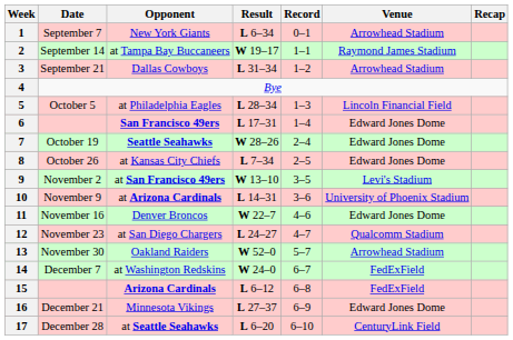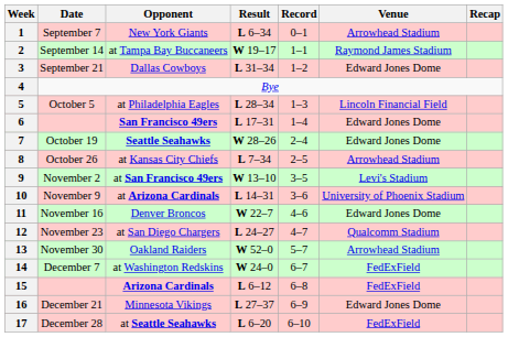 <table class="wikitable" style="text-align:center">
 <tr>
 <th>Week</th>
 <th>Date</th>
 <th>Opponent</th>
 <th>Result</th>
 <th>Record</th>
 <th>Venue</th>
 <th>Recap</th>
 </tr>
 <tr style="background:#fcc">
 <th>1</th>
 <td>September 7</td>
 <td><a href='#'>New York Giants</a></td>
 <td><strong>L</strong> 6–34</td>
 <td>0–1</td>
 <td><a href='#'>Arrowhead Stadium</a></td>
 <td></td>
 </tr>
 <tr style="background:#cfc">
 <th>2</th>
 <td>September 14</td>
 <td>at <a href='#'>Tampa Bay Buccaneers</a></td>
 <td><strong>W</strong> 19–17</td>
 <td>1–1</td>
 <td><a href='#'>Raymond James Stadium</a></td>
 <td></td>
 </tr>
 <tr style="background:#fcc">
 <th>3</th>
 <td>September 21</td>
 <td><a href='#'>Dallas Cowboys</a></td>
 <td><strong>L</strong> 31–34</td>
 <td>1–2</td>
-<td><a href='#'>Arrowhead Stadium</a></td>
+<td>Edward Jones Dome</td>
 <td></td>
 </tr>
 <tr>
 <th>4</th>
 <td colspan="6"><em><a href='#'>Bye</a></em></td>
 </tr>
 <tr style="background:#fcc; text-align:center;">
 <th>5</th>
 <td>October 5</td>
 <td>at <a href='#'>Philadelphia Eagles</a></td>
 <td><strong>L</strong> 28–34</td>
 <td>1–3</td>
 <td><a href='#'>Lincoln Financial Field</a></td>
 <td></td>
 </tr>
 <tr style="background:#fcc">
 <th>6</th>
 <td></td>
 <td><strong><a href='#'>San Francisco 49ers</a></strong></td>
 <td><strong>L</strong> 17–31</td>
 <td>1–4</td>
 <td>Edward Jones Dome</td>
 <td></td>
 </tr>
 <tr style="background:#cfc">
 <th>7</th>
 <td>October 19</td>
 <td><strong><a href='#'>Seattle Seahawks</a></strong></td>
 <td><strong>W</strong> 28–26</td>
 <td>2–4</td>
 <td>Edward Jones Dome</td>
 <td></td>
 </tr>
 <tr style="background:#fcc">
 <th>8</th>
 <td>October 26</td>
 <td>at <a href='#'>Kansas City Chiefs</a></td>
 <td><strong>L</strong> 7–34</td>
 <td>2–5</td>
-<td>Edward Jones Dome</td>
+<td><a href='#'>Arrowhead Stadium</a></td>
 <td></td>
 </tr>
 <tr style="background:#cfc">
 <th>9</th>
 <td>November 2</td>
 <td>at <strong><a href='#'>San Francisco 49ers</a></strong></td>
 <td><strong>W</strong> 13–10</td>
 <td>3–5</td>
 <td><a href='#'>Levi's Stadium</a></td>
 <td></td>
 </tr>
 <tr style="background:#fcc">
 <th>10</th>
 <td>November 9</td>
 <td>at <strong><a href='#'>Arizona Cardinals</a></strong></td>
 <td><strong>L</strong> 14–31</td>
 <td>3–6</td>
 <td><a href='#'>University of Phoenix Stadium</a></td>
 <td></td>
 </tr>
 <tr style="background:#cfc">
 <th>11</th>
 <td>November 16</td>
 <td><a href='#'>Denver Broncos</a></td>
 <td><strong>W</strong> 22–7</td>
 <td>4–6</td>
 <td>Edward Jones Dome</td>
 <td></td>
 </tr>
 <tr style="background:#fcc">
 <th>12</th>
 <td>November 23</td>
 <td>at <a href='#'>San Diego Chargers</a></td>
 <td><strong>L</strong> 24–27</td>
 <td>4–7</td>
 <td><a href='#'>Qualcomm Stadium</a></td>
 <td></td>
 </tr>
 <tr style="background:#cfc">
 <th>13</th>
 <td>November 30</td>
 <td><a href='#'>Oakland Raiders</a></td>
 <td><strong>W</strong> 52–0</td>
 <td>5–7</td>
 <td><a href='#'>Arrowhead Stadium</a></td>
 <td></td>
 </tr>
 <tr style="background:#cfc">
 <th>14</th>
 <td>December 7</td>
 <td>at <a href='#'>Washington Redskins</a></td>
 <td><strong>W</strong> 24–0</td>
 <td>6–7</td>
 <td><a href='#'>FedExField</a></td>
 <td></td>
 </tr>
 <tr style="background:#fcc">
 <th>15</th>
 <td></td>
 <td><strong><a href='#'>Arizona Cardinals</a></strong></td>
 <td><strong>L</strong> 6–12</td>
 <td>6–8</td>
 <td><a href='#'>FedExField</a></td>
 <td></td>
 </tr>
 <tr style="background:#fcc">
 <th>16</th>
 <td>December 21</td>
 <td><a href='#'>Minnesota Vikings</a></td>
 <td><strong>L</strong> 27–37</td>
 <td>6–9</td>
 <td>Edward Jones Dome</td>
 <td></td>
 </tr>
 <tr style="background:#fcc">
 <th>17</th>
 <td>December 28</td>
 <td>at <strong><a href='#'>Seattle Seahawks</a></strong></td>
 <td><strong>L</strong> 6–20</td>
 <td>6–10</td>
-<td><a href='#'>CenturyLink Field</a></td>
+<td><a href='#'>FedExField</a></td>
 <td></td>
 </tr>
 </table>
